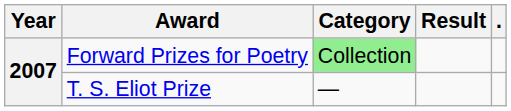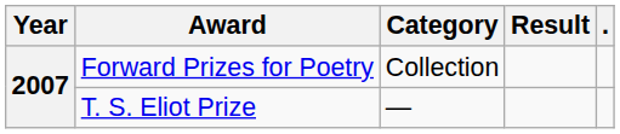 <table class="wikitable sortable">
 <tr>
 <th>Year</th>
 <th>Award</th>
 <th>Category</th>
 <th>Result</th>
 <th>.</th>
 </tr>
 <tr>
 <th rowspan="2">2007</th>
 <td><a href='#'>Forward Prizes for Poetry</a></td>
-<td style="background: lightgreen;">Collection</td>
+<td>Collection</td>
 <td></td>
 <td></td>
 </tr>
 <tr>
 <td><a href='#'>T. S. Eliot Prize</a></td>
 <td>—</td>
 <td></td>
 <td></td>
 </tr>
 </table>
